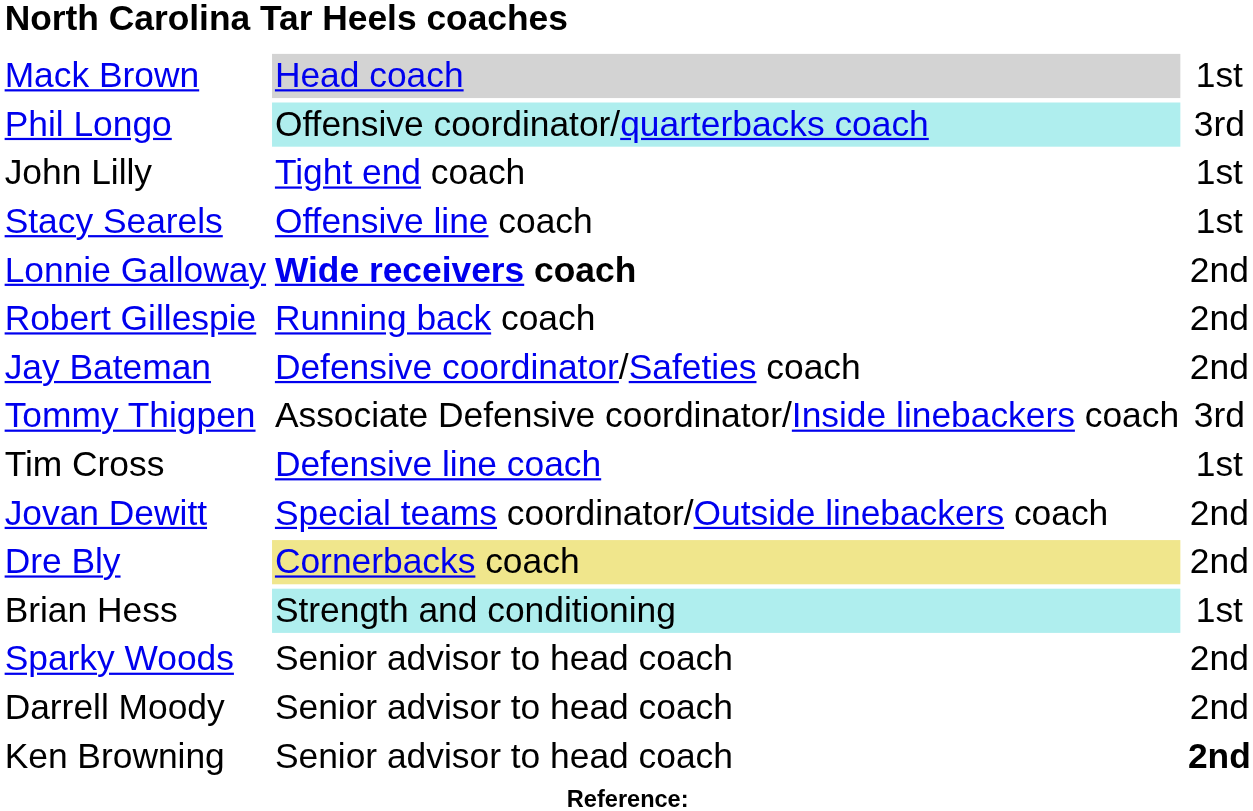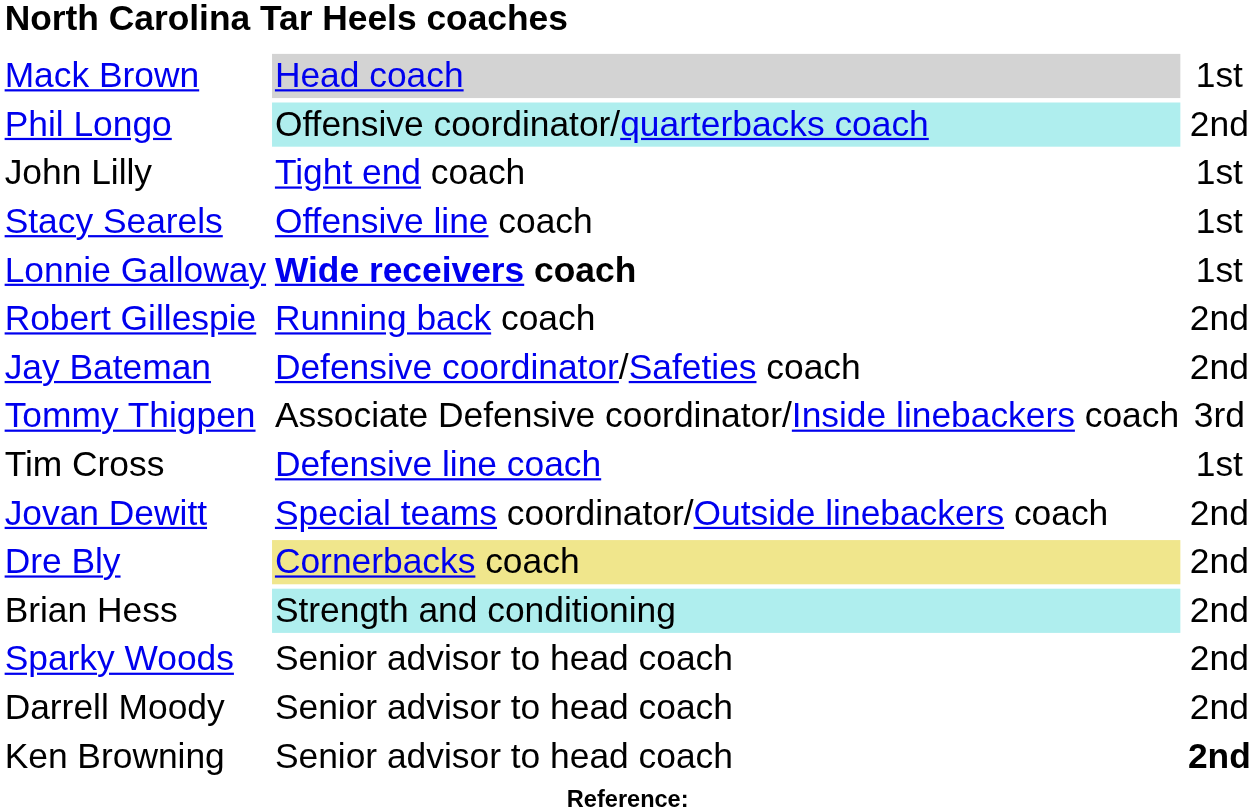 <table class="toccolours" style="text-align: left;">
 <tr>
 <td colspan="9"><strong>North Carolina Tar Heels coaches</strong></td>
 </tr>
 <tr>
 <td style="font-size: 95%;" valign="top"></td>
 </tr>
 <tr>
 <td><a href='#'>Mack Brown</a></td>
 <td style="background: lightgrey;"><a href='#'>Head coach</a></td>
 <td align=center>1st</td>
 </tr>
 <tr>
 <td><a href='#'>Phil Longo</a></td>
 <td style="background: paleturquoise;">Offensive coordinator/<a href='#'>quarterbacks coach</a></td>
-<td align=center>3rd</td>
+<td align=center>2nd</td>
 </tr>
 <tr>
 <td>John Lilly</td>
 <td><a href='#'>Tight end</a> coach</td>
 <td align=center>1st</td>
 </tr>
 <tr>
 <td><a href='#'>Stacy Searels</a></td>
 <td><a href='#'>Offensive line</a> coach</td>
 <td align=center>1st</td>
 </tr>
 <tr>
 <td><a href='#'>Lonnie Galloway</a></td>
 <td><strong><a href='#'>Wide receivers</a> coach</strong></td>
-<td align=center>2nd</td>
+<td align=center>1st</td>
 </tr>
 <tr>
 <td><a href='#'>Robert Gillespie</a></td>
 <td><a href='#'>Running back</a> coach</td>
 <td align=center>2nd</td>
 </tr>
 <tr>
 <td><a href='#'>Jay Bateman</a></td>
 <td><a href='#'>Defensive coordinator</a>/<a href='#'>Safeties</a> coach</td>
 <td align=center>2nd</td>
 </tr>
 <tr>
 <td><a href='#'>Tommy Thigpen</a></td>
 <td>Associate Defensive coordinator/<a href='#'>Inside linebackers</a> coach</td>
 <td align=center>3rd</td>
 </tr>
 <tr>
 <td>Tim Cross</td>
 <td><a href='#'>Defensive line coach</a></td>
 <td align=center>1st</td>
 </tr>
 <tr>
 <td><a href='#'>Jovan Dewitt</a></td>
 <td><a href='#'>Special teams</a> coordinator/<a href='#'>Outside linebackers</a> coach</td>
 <td align=center>2nd</td>
 </tr>
 <tr>
 <td><a href='#'>Dre Bly</a></td>
 <td style="background: khaki;"><a href='#'>Cornerbacks</a> coach</td>
 <td align=center>2nd</td>
 </tr>
 <tr>
 <td>Brian Hess</td>
 <td style="background: paleturquoise;">Strength and conditioning</td>
-<td align=center>1st</td>
+<td align=center>2nd</td>
 </tr>
 <tr>
 <td><a href='#'>Sparky Woods</a></td>
 <td>Senior advisor to head coach</td>
 <td align=center>2nd</td>
 </tr>
 <tr>
 <td>Darrell Moody</td>
 <td>Senior advisor to head coach</td>
 <td align=center>2nd</td>
 </tr>
 <tr>
 <td>Ken Browning</td>
 <td>Senior advisor to head coach</td>
 <td align=center><strong>2nd</strong></td>
 </tr>
 <tr>
 <td colspan="4"  style="font-size:8pt; text-align:center;"><strong>Reference:</strong></td>
 </tr>
 </table>
